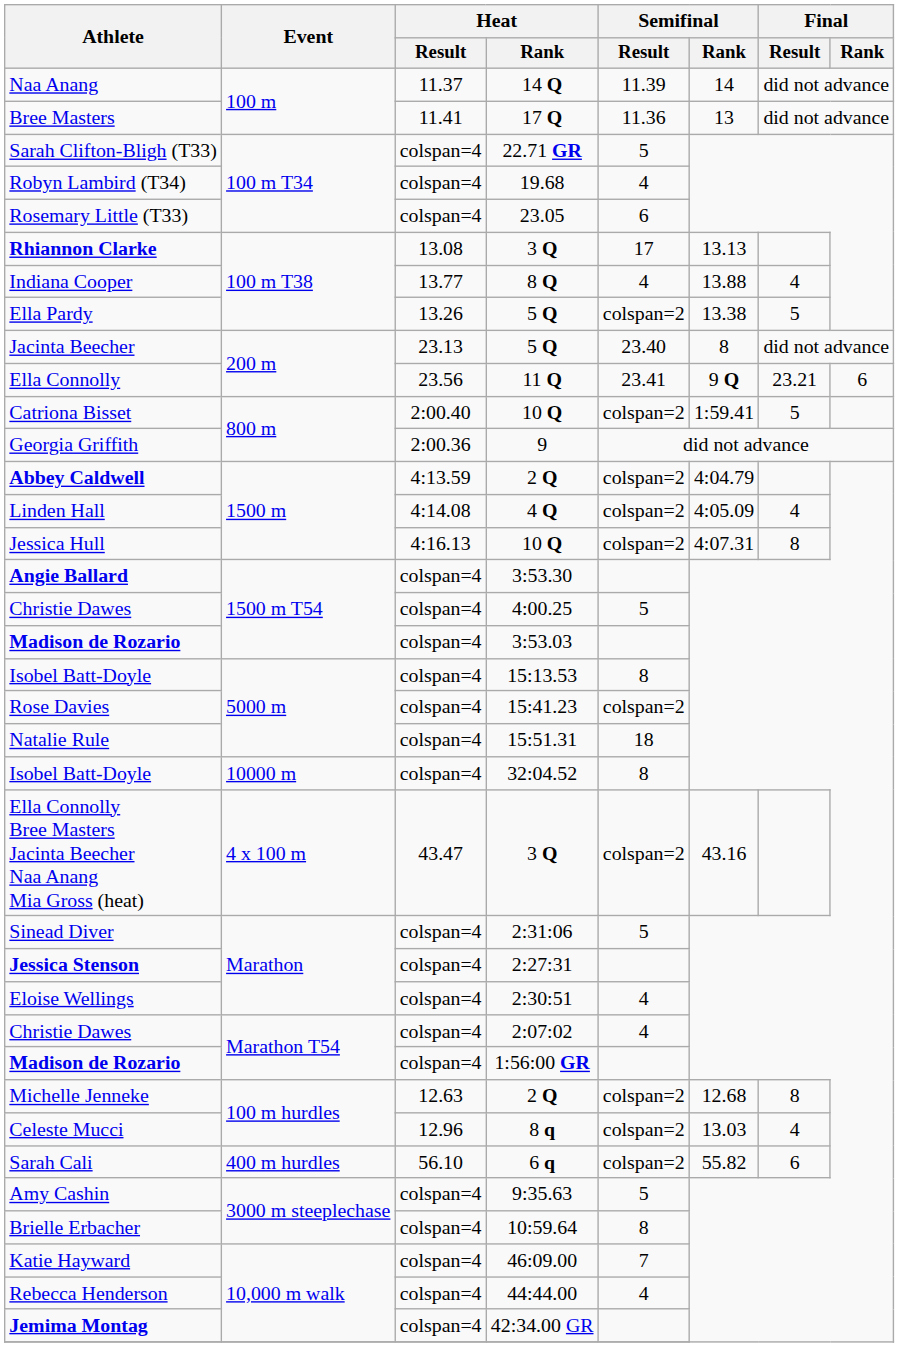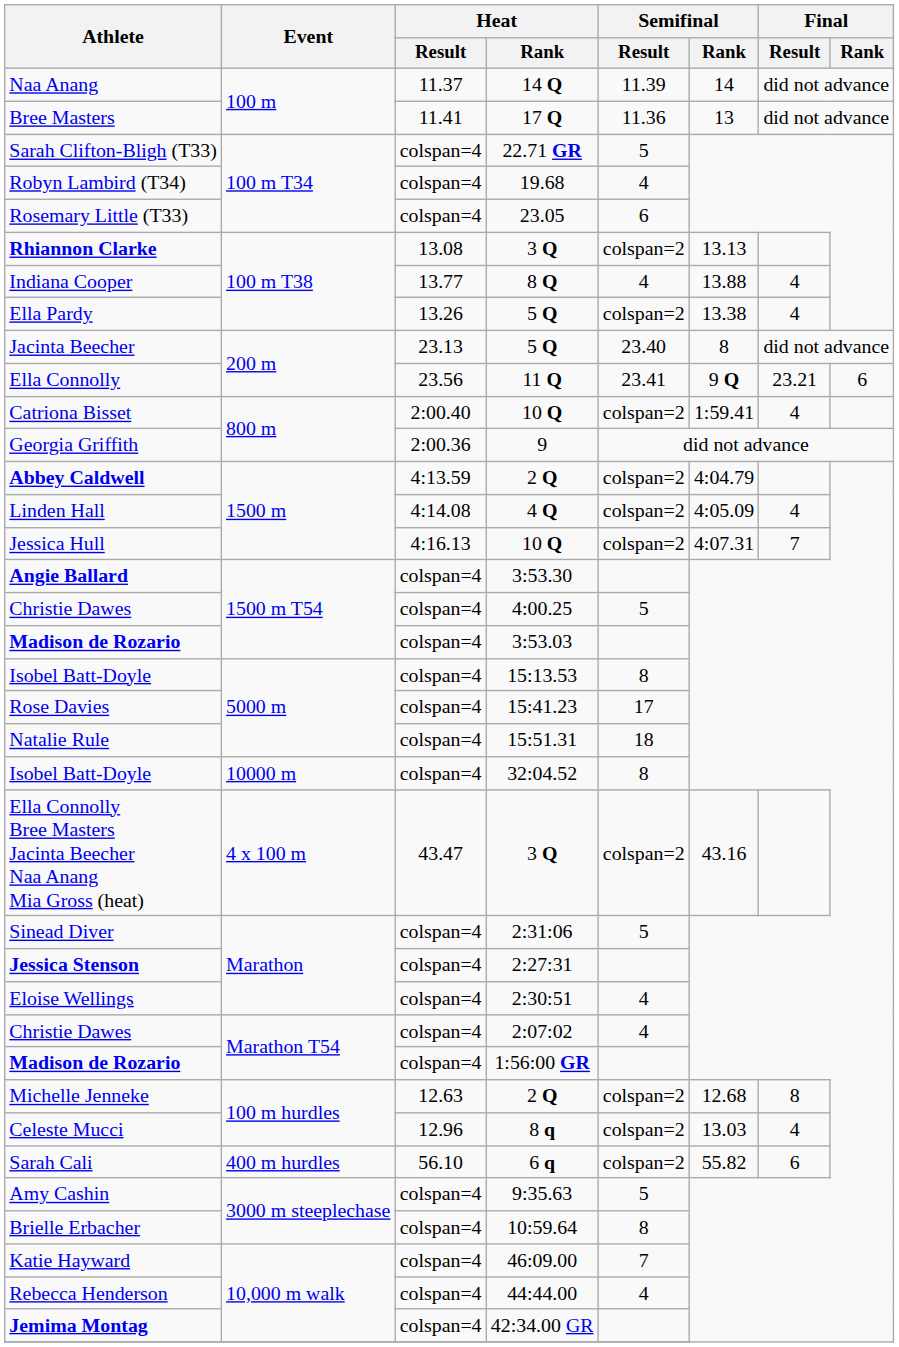 <table class="wikitable" style="font-size:90%;text-align:center">
 <tr>
 <th rowspan="2">Athlete</th>
 <th rowspan="2">Event</th>
 <th colspan="2">Heat</th>
 <th colspan="2">Semifinal</th>
 <th colspan="2">Final</th>
 </tr>
 <tr style="font-size:95%">
 <th>Result</th>
 <th>Rank</th>
 <th>Result</th>
 <th>Rank</th>
 <th>Result</th>
 <th>Rank</th>
 </tr>
 <tr>
 <td align="left"><a href='#'>Naa Anang</a></td>
 <td rowspan="2" style="text-align:left;"><a href='#'>100 m</a></td>
 <td>11.37</td>
 <td>14 <strong>Q</strong></td>
 <td>11.39</td>
 <td>14</td>
 <td colspan=2>did not advance</td>
 </tr>
 <tr>
 <td align="left"><a href='#'>Bree Masters</a></td>
 <td>11.41</td>
 <td>17 <strong>Q</strong></td>
 <td>11.36</td>
 <td>13</td>
 <td colspan=2>did not advance</td>
 </tr>
 <tr>
 <td align="left"><a href='#'>Sarah Clifton-Bligh</a> (T33)</td>
 <td rowspan="3" style="text-align:left;"><a href='#'>100 m T34</a></td>
 <td>colspan=4 </td>
 <td>22.71 <a href='#'><strong>GR</strong></a></td>
 <td>5</td>
 </tr>
 <tr>
 <td align="left"><a href='#'>Robyn Lambird</a> (T34)</td>
 <td>colspan=4 </td>
 <td>19.68</td>
 <td>4</td>
 </tr>
 <tr>
 <td align="left"><a href='#'>Rosemary Little</a> (T33)</td>
 <td>colspan=4 </td>
 <td>23.05</td>
 <td>6</td>
 </tr>
 <tr>
 <td align="left"><strong><a href='#'>Rhiannon Clarke</a></strong></td>
 <td rowspan="3" style="text-align:left;"><a href='#'>100 m T38</a></td>
 <td>13.08</td>
 <td>3 <strong>Q</strong></td>
-<td>17</td>
+<td>colspan=2 </td>
 <td>13.13</td>
 <td></td>
 </tr>
 <tr>
 <td align="left"><a href='#'>Indiana Cooper</a></td>
 <td>13.77</td>
 <td>8 <strong>Q</strong></td>
 <td>4</td>
 <td>13.88</td>
 <td>4</td>
 </tr>
 <tr>
 <td align="left"><a href='#'>Ella Pardy</a></td>
 <td>13.26</td>
 <td>5 <strong>Q</strong></td>
 <td>colspan=2 </td>
 <td>13.38</td>
-<td>5</td>
+<td>4</td>
 </tr>
 <tr>
 <td align="left"><a href='#'>Jacinta Beecher</a></td>
 <td rowspan="2" style="text-align:left;"><a href='#'>200 m</a></td>
 <td>23.13</td>
 <td>5 <strong>Q</strong></td>
 <td>23.40</td>
 <td>8</td>
 <td colspan=2>did not advance</td>
 </tr>
 <tr>
 <td align="left"><a href='#'>Ella Connolly</a></td>
 <td>23.56</td>
 <td>11 <strong>Q</strong></td>
 <td>23.41</td>
 <td>9 <strong>Q</strong></td>
 <td>23.21</td>
 <td>6</td>
 </tr>
 <tr>
 <td align="left"><a href='#'>Catriona Bisset</a></td>
 <td rowspan="2" style="text-align:left;"><a href='#'>800 m</a></td>
 <td>2:00.40</td>
 <td>10 <strong>Q</strong></td>
 <td>colspan=2 </td>
 <td>1:59.41</td>
-<td>5</td>
+<td>4</td>
 </tr>
 <tr>
 <td align="left"><a href='#'>Georgia Griffith</a></td>
 <td>2:00.36</td>
 <td>9</td>
 <td colspan=4>did not advance</td>
 </tr>
 <tr>
 <td align="left"><strong><a href='#'>Abbey Caldwell</a></strong></td>
 <td rowspan="3" style="text-align:left;"><a href='#'>1500 m</a></td>
 <td>4:13.59</td>
 <td>2 <strong>Q</strong></td>
 <td>colspan=2 </td>
 <td>4:04.79</td>
 <td></td>
 </tr>
 <tr>
 <td align="left"><a href='#'>Linden Hall</a></td>
 <td>4:14.08</td>
 <td>4 <strong>Q</strong></td>
 <td>colspan=2 </td>
 <td>4:05.09</td>
 <td>4</td>
 </tr>
 <tr>
 <td align="left"><a href='#'>Jessica Hull</a></td>
 <td>4:16.13</td>
 <td>10 <strong>Q</strong></td>
 <td>colspan=2 </td>
 <td>4:07.31</td>
-<td>8</td>
+<td>7</td>
 </tr>
 <tr>
 <td align="left"><strong><a href='#'>Angie Ballard</a></strong></td>
 <td rowspan="3" style="text-align:left;"><a href='#'>1500 m T54</a></td>
 <td>colspan=4 </td>
 <td>3:53.30</td>
 <td></td>
 </tr>
 <tr>
 <td align="left"><a href='#'>Christie Dawes</a></td>
 <td>colspan=4 </td>
 <td>4:00.25</td>
 <td>5</td>
 </tr>
 <tr>
 <td align="left"><strong><a href='#'>Madison de Rozario</a></strong></td>
 <td>colspan=4 </td>
 <td>3:53.03</td>
 <td></td>
 </tr>
 <tr>
 <td align="left"><a href='#'>Isobel Batt-Doyle</a></td>
 <td rowspan="3" style="text-align:left;"><a href='#'>5000 m</a></td>
 <td>colspan=4 </td>
 <td>15:13.53</td>
 <td>8</td>
 </tr>
 <tr>
 <td align="left"><a href='#'>Rose Davies</a></td>
 <td>colspan=4 </td>
 <td>15:41.23</td>
-<td>colspan=2 </td>
+<td>17</td>
 </tr>
 <tr>
 <td align="left"><a href='#'>Natalie Rule</a></td>
 <td>colspan=4 </td>
 <td>15:51.31</td>
 <td>18</td>
 </tr>
 <tr>
 <td align="left"><a href='#'>Isobel Batt-Doyle</a></td>
 <td align="left"><a href='#'>10000 m</a></td>
 <td>colspan=4 </td>
 <td>32:04.52</td>
 <td>8</td>
 </tr>
 <tr>
 <td align="left"><a href='#'>Ella Connolly</a><br><a href='#'>Bree Masters</a><br><a href='#'>Jacinta Beecher</a><br><a href='#'>Naa Anang</a><br><a href='#'>Mia Gross</a> (heat)</td>
 <td align="left"><a href='#'>4 x 100 m</a></td>
 <td>43.47</td>
 <td>3 <strong>Q</strong></td>
 <td>colspan=2 </td>
 <td>43.16</td>
 <td></td>
 </tr>
 <tr>
 <td align="left"><a href='#'>Sinead Diver</a></td>
 <td align="left" rowspan="3" style="text-align:left;"><a href='#'>Marathon</a></td>
 <td>colspan=4 </td>
 <td>2:31:06</td>
 <td>5</td>
 </tr>
 <tr>
 <td align="left"><strong><a href='#'>Jessica Stenson</a></strong></td>
 <td>colspan=4 </td>
 <td>2:27:31</td>
 <td></td>
 </tr>
 <tr>
 <td align="left"><a href='#'>Eloise Wellings</a></td>
 <td>colspan=4 </td>
 <td>2:30:51</td>
 <td>4</td>
 </tr>
 <tr>
 <td align="left"><a href='#'>Christie Dawes</a></td>
 <td rowspan="2" style="text-align:left;"><a href='#'>Marathon T54</a></td>
 <td>colspan=4 </td>
 <td>2:07:02</td>
 <td>4</td>
 </tr>
 <tr>
 <td align="left"><strong><a href='#'>Madison de Rozario</a></strong></td>
 <td>colspan=4 </td>
 <td>1:56:00 <a href='#'><strong>GR</strong></a></td>
 <td></td>
 </tr>
 <tr>
 <td align="left"><a href='#'>Michelle Jenneke</a></td>
 <td align="left" rowspan="2" style="text-align:left;"><a href='#'>100 m hurdles</a></td>
 <td>12.63</td>
 <td>2 <strong>Q</strong></td>
 <td>colspan=2 </td>
 <td>12.68</td>
 <td>8</td>
 </tr>
 <tr>
 <td align="left"><a href='#'>Celeste Mucci</a></td>
 <td>12.96</td>
 <td>8 <strong>q</strong></td>
 <td>colspan=2 </td>
 <td>13.03</td>
 <td>4</td>
 </tr>
 <tr>
 <td align="left"><a href='#'>Sarah Cali</a></td>
 <td align="left"><a href='#'>400 m hurdles</a></td>
 <td>56.10</td>
 <td>6 <strong>q</strong></td>
 <td>colspan=2 </td>
 <td>55.82</td>
 <td>6</td>
 </tr>
 <tr>
 <td align="left"><a href='#'>Amy Cashin</a></td>
 <td align="left" rowspan="2" style="text-align:left;"><a href='#'>3000 m steeplechase</a></td>
 <td>colspan=4 </td>
 <td>9:35.63</td>
 <td>5</td>
 </tr>
 <tr>
 <td align="left"><a href='#'>Brielle Erbacher</a></td>
 <td>colspan=4 </td>
 <td>10:59.64</td>
 <td>8</td>
 </tr>
 <tr>
 <td align="left"><a href='#'>Katie Hayward</a></td>
 <td align="left" rowspan="3" style="text-align:left;"><a href='#'>10,000 m walk</a></td>
 <td>colspan=4 </td>
 <td>46:09.00</td>
 <td>7</td>
 </tr>
 <tr>
 <td align="left"><a href='#'>Rebecca Henderson</a></td>
 <td>colspan=4 </td>
 <td>44:44.00</td>
 <td>4</td>
 </tr>
 <tr>
 <td align="left"><strong><a href='#'>Jemima Montag</a></strong></td>
 <td>colspan=4 </td>
 <td>42:34.00 <strong><a href='#'></strong>GR<strong></a></strong></td>
 <td></td>
 </tr>
 <tr>
 </tr>
 </table>
